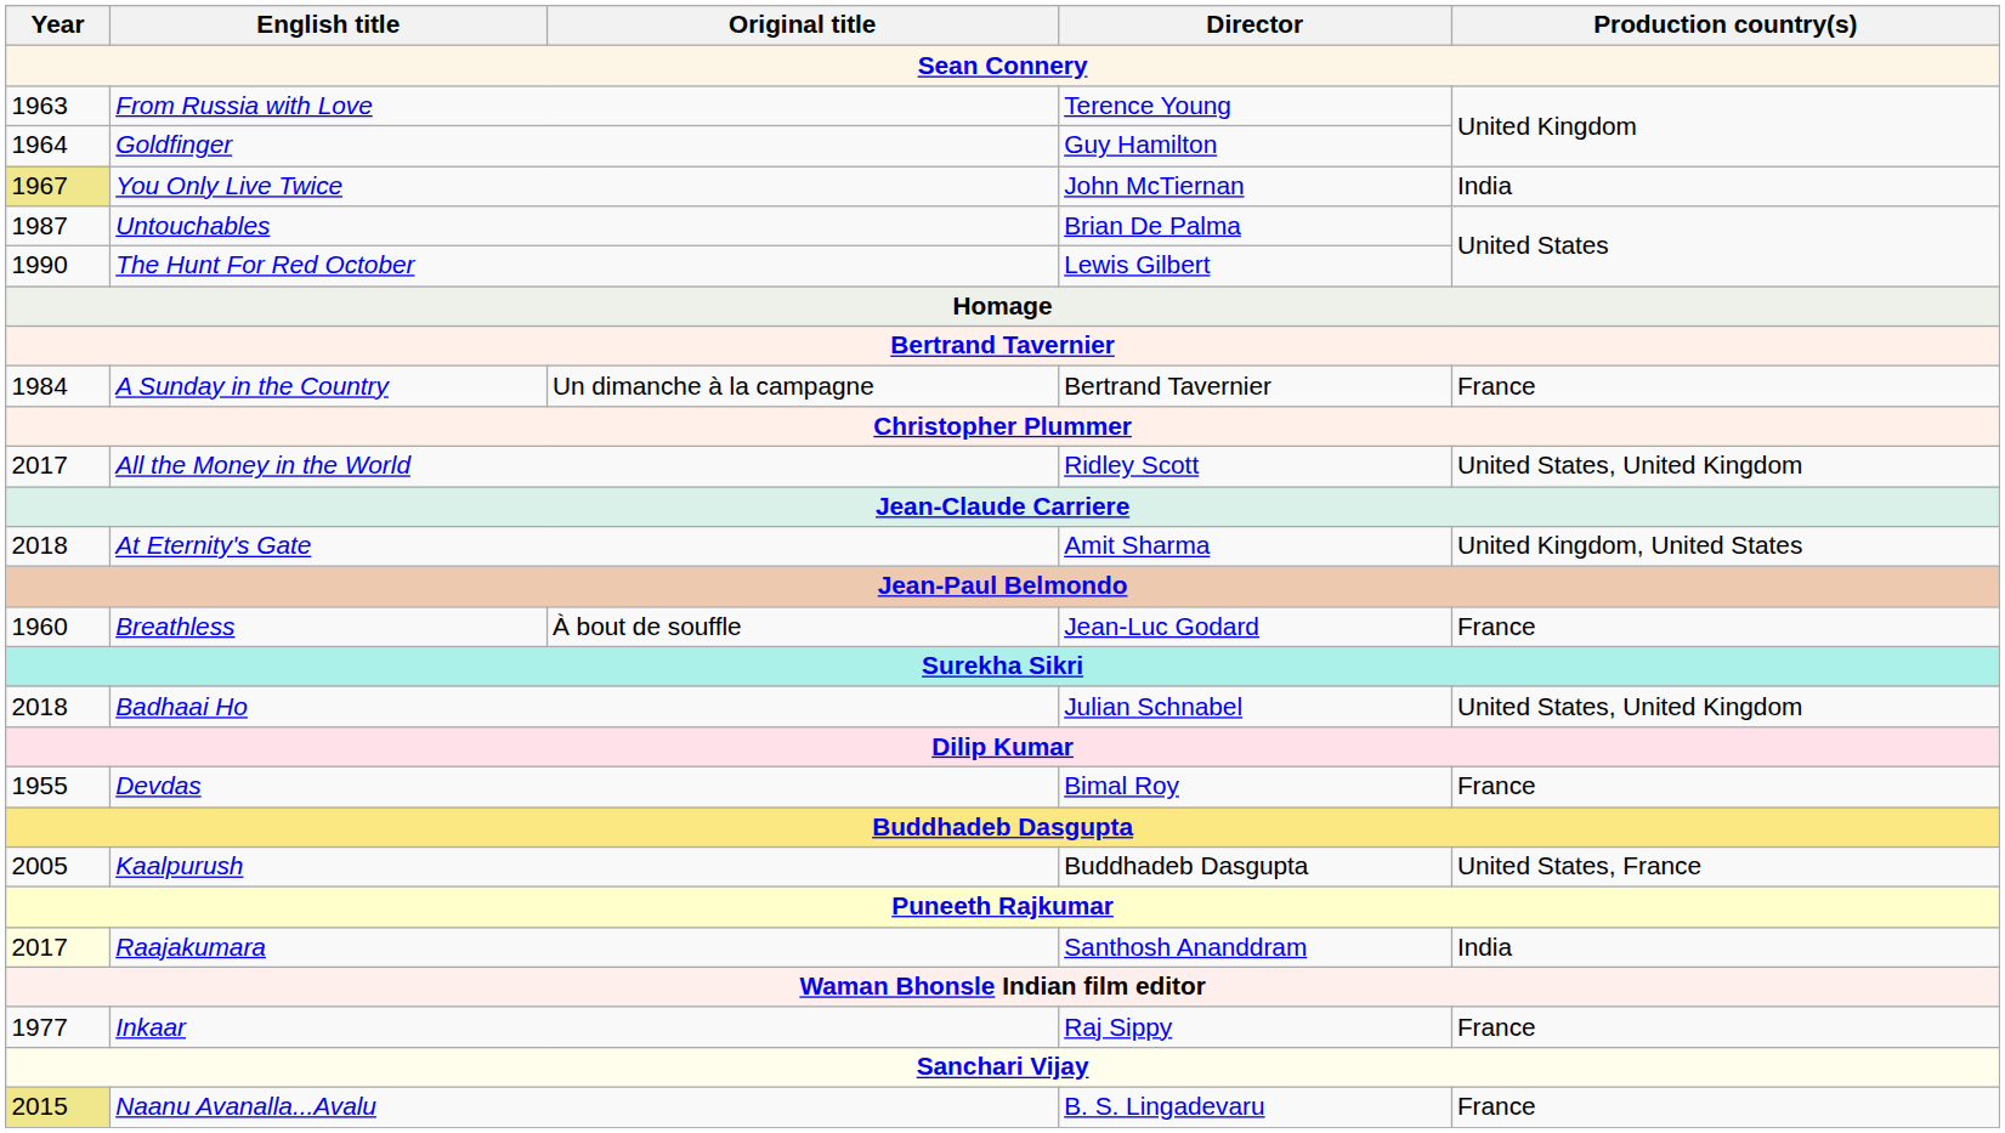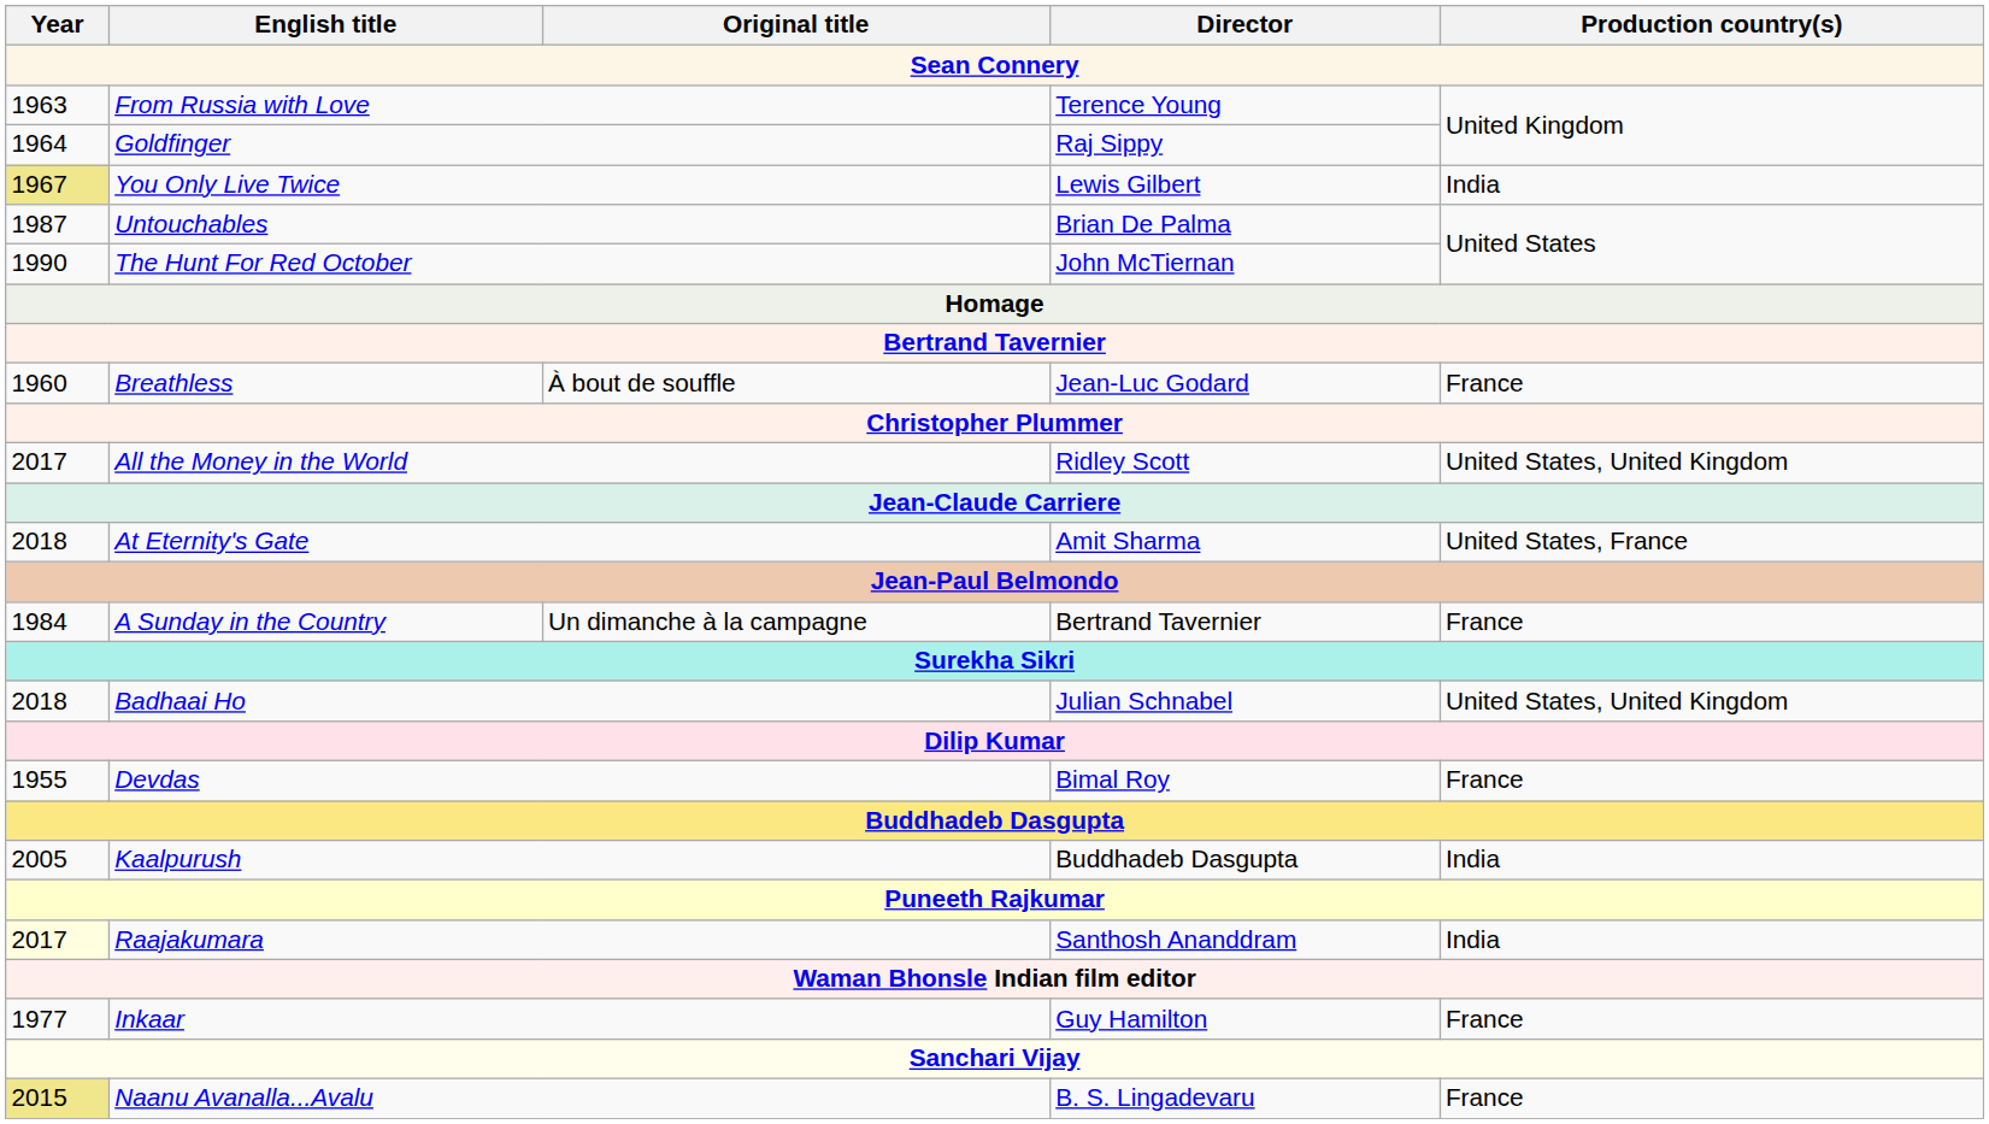 <table class="sortable wikitable" style="width:100%; margin-bottom:4px" cellpadding="5">
 <tr>
 <th scope="col">Year</th>
 <th scope="col">English title</th>
 <th scope="col">Original title</th>
 <th scope="col">Director</th>
 <th scope="col">Production country(s)</th>
 </tr>
 <tr>
 <th colspan="5" style="background:	#FDF5E6"><a href='#'>Sean Connery</a></th>
 </tr>
 <tr>
 <td>1963</td>
 <td colspan=2><em><a href='#'>From Russia with Love</a></em></td>
 <td><a href='#'>Terence Young</a></td>
 <td rowspan=2>United Kingdom</td>
 </tr>
 <tr>
 <td>1964</td>
 <td colspan=2><em><a href='#'>Goldfinger</a></em></td>
-<td><a href='#'>Guy Hamilton</a></td>
+<td><a href='#'>Raj Sippy</a></td>
 </tr>
 <tr>
 <td style="background: khaki;">1967</td>
 <td colspan=2><em><a href='#'>You Only Live Twice</a></em></td>
-<td><a href='#'>John McTiernan</a></td>
+<td><a href='#'>Lewis Gilbert</a></td>
 <td>India</td>
 </tr>
 <tr>
 <td>1987</td>
 <td colspan=2><em><a href='#'>Untouchables</a></em></td>
 <td><a href='#'>Brian De Palma</a></td>
 <td rowspan=2>United States</td>
 </tr>
 <tr>
 <td>1990</td>
 <td colspan=2><em><a href='#'>The Hunt For Red October</a></em></td>
-<td><a href='#'>Lewis Gilbert</a></td>
+<td><a href='#'>John McTiernan</a></td>
 </tr>
 <tr>
 <th colspan="5" style="background:	#EEF1E9">Homage</th>
 </tr>
 <tr>
 <th colspan="5" style="background:	#FFF1E9"><a href='#'>Bertrand Tavernier</a></th>
 </tr>
 <tr>
-<td>1984</td>
-<td><em><a href='#'>A Sunday in the Country</a></em></td>
-<td>Un dimanche à la campagne</td>
-<td>Bertrand Tavernier</td>
+<td>1960</td>
+<td><em><a href='#'>Breathless</a></em></td>
+<td>À bout de souffle</td>
+<td><a href='#'>Jean-Luc Godard</a></td>
 <td>France</td>
 </tr>
 <tr>
 <th colspan="5" style="background:	#FFF1E9"><a href='#'>Christopher Plummer</a></th>
 </tr>
 <tr>
 <td>2017</td>
 <td colspan=2><em><a href='#'>All the Money in the World</a></em></td>
 <td><a href='#'>Ridley Scott</a></td>
 <td>United States, United Kingdom</td>
 </tr>
 <tr>
 <th colspan="5" style="background:	#DAF1E9"><a href='#'>Jean-Claude Carriere</a></th>
 </tr>
 <tr>
 <td>2018</td>
 <td colspan=2><em><a href='#'>At Eternity's Gate</a></em></td>
 <td><a href='#'>Amit Sharma</a></td>
-<td>United Kingdom, United States</td>
+<td>United States, France</td>
 </tr>
 <tr>
 <th colspan="5" style="background:	#EDC9AF"><a href='#'>Jean-Paul Belmondo</a></th>
 </tr>
 <tr>
-<td>1960</td>
-<td><em><a href='#'>Breathless</a></em></td>
-<td>À bout de souffle</td>
-<td><a href='#'>Jean-Luc Godard</a></td>
+<td>1984</td>
+<td><em><a href='#'>A Sunday in the Country</a></em></td>
+<td>Un dimanche à la campagne</td>
+<td>Bertrand Tavernier</td>
 <td>France</td>
 </tr>
 <tr>
 <th colspan="5" style="background:	#ACF1E9"><a href='#'>Surekha Sikri</a></th>
 </tr>
 <tr>
 <td>2018</td>
 <td colspan=2><em><a href='#'>Badhaai Ho</a></em></td>
 <td><a href='#'>Julian Schnabel</a></td>
 <td>United States, United Kingdom</td>
 </tr>
 <tr>
 <th colspan="5" style="background:	#FFE1E9"><a href='#'>Dilip Kumar</a></th>
 </tr>
 <tr>
 <td>1955</td>
 <td colspan=2><em><a href='#'>Devdas</a></em></td>
 <td><a href='#'>Bimal Roy</a></td>
 <td>France</td>
 </tr>
 <tr>
 <th colspan="5" style="background:	#FCE883"><a href='#'>Buddhadeb Dasgupta</a></th>
 </tr>
 <tr>
 <td>2005</td>
 <td colspan=2><em><a href='#'>Kaalpurush</a></em></td>
 <td>Buddhadeb Dasgupta</td>
-<td>United States, France</td>
+<td>India</td>
 </tr>
 <tr>
 <th colspan="5" style="background:	#FFFFCC"><a href='#'>Puneeth Rajkumar</a></th>
 </tr>
 <tr>
 <td style="background: lightyellow;">2017</td>
 <td colspan=2><em><a href='#'>Raajakumara</a></em></td>
 <td><a href='#'>Santhosh Ananddram</a></td>
 <td>India</td>
 </tr>
 <tr>
 <th colspan="5" style="background:	#FFEFEC"><a href='#'>Waman Bhonsle</a> Indian film editor</th>
 </tr>
 <tr>
 <td>1977</td>
 <td colspan=2><em><a href='#'>Inkaar</a></em></td>
-<td><a href='#'>Raj Sippy</a></td>
+<td><a href='#'>Guy Hamilton</a></td>
 <td>France</td>
 </tr>
 <tr>
 <th colspan="5" style="background:	#FFFEEC"><a href='#'>Sanchari Vijay</a></th>
 </tr>
 <tr>
 <td style="background: khaki;">2015</td>
 <td colspan=2><em><a href='#'>Naanu Avanalla...Avalu</a></em></td>
 <td><a href='#'>B. S. Lingadevaru</a></td>
 <td>France</td>
 </tr>
 <tr>
 </tr>
 </table>
